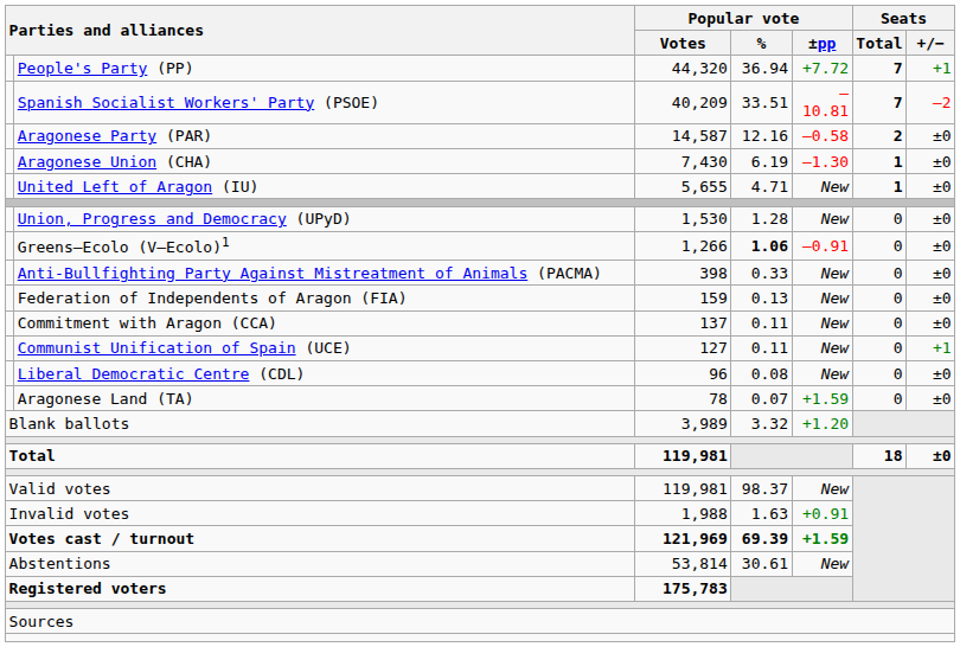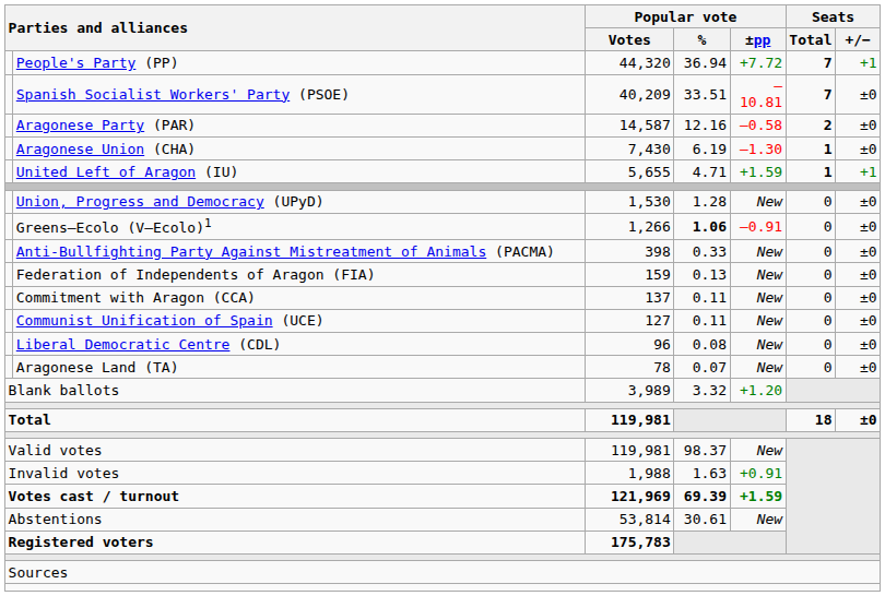 <table class="wikitable" style="text-align:right;">
 <tr>
 <th style="text-align:left;" rowspan="2" colspan="2" width="525">Parties and alliances</th>
 <th colspan="3">Popular vote</th>
 <th colspan="2">Seats</th>
 </tr>
 <tr>
 <th width="75">Votes</th>
 <th width="45">%</th>
 <th width="45">±<a href='#'>pp</a></th>
 <th width="35">Total</th>
 <th width="35">+/−</th>
 </tr>
 <tr>
 <td width="1" style="color:inherit;background:"></td>
 <td align="left"><a href='#'>People's Party</a> (PP)</td>
 <td>44,320</td>
 <td>36.94</td>
 <td style="color:green;">+7.72</td>
 <td><strong>7</strong></td>
 <td style="color:green;">+1</td>
 </tr>
 <tr>
 <td style="color:inherit;background:"></td>
 <td align="left"><a href='#'>Spanish Socialist Workers' Party</a> (PSOE)</td>
 <td>40,209</td>
 <td>33.51</td>
 <td style="color:red;">–10.81</td>
 <td><strong>7</strong></td>
-<td style="color:red;">–2</td>
+<td>±0</td>
 </tr>
 <tr>
 <td style="color:inherit;background:"></td>
 <td align="left"><a href='#'>Aragonese Party</a> (PAR)</td>
 <td>14,587</td>
 <td>12.16</td>
 <td style="color:red;">–0.58</td>
 <td><strong>2</strong></td>
 <td>±0</td>
 </tr>
 <tr>
 <td style="color:inherit;background:"></td>
 <td align="left"><a href='#'>Aragonese Union</a> (CHA)</td>
 <td>7,430</td>
 <td>6.19</td>
 <td style="color:red;">–1.30</td>
 <td><strong>1</strong></td>
 <td>±0</td>
 </tr>
 <tr>
 <td style="color:inherit;background:"></td>
 <td align="left"><a href='#'>United Left of Aragon</a> (IU)</td>
 <td>5,655</td>
 <td>4.71</td>
-<td><em>New</em></td>
+<td style="color:green;">+1.59</td>
 <td><strong>1</strong></td>
-<td>±0</td>
+<td style="color:green;">+1</td>
 </tr>
 <tr>
 <td colspan="7" bgcolor="#C0C0C0"></td>
 </tr>
 <tr>
 <td style="color:inherit;background:"></td>
 <td align="left"><a href='#'>Union, Progress and Democracy</a> (UPyD)</td>
 <td>1,530</td>
 <td>1.28</td>
 <td><em>New</em></td>
 <td>0</td>
 <td>±0</td>
 </tr>
 <tr>
 <td style="color:inherit;background:"></td>
 <td align="left">Greens–Ecolo (V–Ecolo)<sup>1</sup></td>
 <td>1,266</td>
 <td><strong>1.06</strong></td>
 <td style="color:red;">–0.91</td>
 <td>0</td>
 <td>±0</td>
 </tr>
 <tr>
 <td style="color:inherit;background:"></td>
 <td align="left"><a href='#'>Anti-Bullfighting Party Against Mistreatment of Animals</a> (PACMA)</td>
 <td>398</td>
 <td>0.33</td>
 <td><em>New</em></td>
 <td>0</td>
 <td>±0</td>
 </tr>
 <tr>
 <td style="color:inherit;background:"></td>
 <td align="left">Federation of Independents of Aragon (FIA)</td>
 <td>159</td>
 <td>0.13</td>
 <td><em>New</em></td>
 <td>0</td>
 <td>±0</td>
 </tr>
 <tr>
 <td style="color:inherit;background:"></td>
 <td align="left">Commitment with Aragon (CCA)</td>
 <td>137</td>
 <td>0.11</td>
 <td><em>New</em></td>
 <td>0</td>
 <td>±0</td>
 </tr>
 <tr>
 <td style="color:inherit;background:"></td>
 <td align="left"><a href='#'>Communist Unification of Spain</a> (UCE)</td>
 <td>127</td>
 <td>0.11</td>
 <td><em>New</em></td>
 <td>0</td>
-<td style="color:green;">+1</td>
+<td>±0</td>
 </tr>
 <tr>
 <td style="color:inherit;background:"></td>
 <td align="left"><a href='#'>Liberal Democratic Centre</a> (CDL)</td>
 <td>96</td>
 <td>0.08</td>
 <td><em>New</em></td>
 <td>0</td>
 <td>±0</td>
 </tr>
 <tr>
 <td style="color:inherit;background:"></td>
 <td align="left">Aragonese Land (TA)</td>
 <td>78</td>
 <td>0.07</td>
-<td style="color:green;">+1.59</td>
+<td><em>New</em></td>
 <td>0</td>
 <td>±0</td>
 </tr>
 <tr>
 <td align="left" colspan="2">Blank ballots</td>
 <td>3,989</td>
 <td>3.32</td>
 <td style="color:green;">+1.20</td>
 <td bgcolor="#E9E9E9" colspan="2"></td>
 </tr>
 <tr>
 <td colspan="7" bgcolor="#E9E9E9"></td>
 </tr>
 <tr style="font-weight:bold;">
 <td align="left" colspan="2">Total</td>
 <td>119,981</td>
 <td bgcolor="#E9E9E9" colspan="2"></td>
 <td>18</td>
 <td>±0</td>
 </tr>
 <tr>
 <td colspan="7" bgcolor="#E9E9E9"></td>
 </tr>
 <tr>
 <td align="left" colspan="2">Valid votes</td>
 <td>119,981</td>
 <td>98.37</td>
 <td><em>New</em></td>
 <td bgcolor="#E9E9E9" colspan="2" rowspan="5"></td>
 </tr>
 <tr>
 <td align="left" colspan="2">Invalid votes</td>
 <td>1,988</td>
 <td>1.63</td>
 <td style="color:green;">+0.91</td>
 </tr>
 <tr style="font-weight:bold;">
 <td align="left" colspan="2">Votes cast / turnout</td>
 <td>121,969</td>
 <td>69.39</td>
 <td style="color:green;">+1.59</td>
 </tr>
 <tr>
 <td align="left" colspan="2">Abstentions</td>
 <td>53,814</td>
 <td>30.61</td>
 <td><em>New</em></td>
 </tr>
 <tr style="font-weight:bold;">
 <td align="left" colspan="2">Registered voters</td>
 <td>175,783</td>
 <td bgcolor="#E9E9E9" colspan="2"></td>
 </tr>
 <tr>
 <td colspan="7" bgcolor="#E9E9E9"></td>
 </tr>
 <tr>
 <td align="left" colspan="7">Sources</td>
 </tr>
 <tr>
 <td colspan="7" style="text-align:left; max-width:790px;"></td>
 </tr>
 </table>
